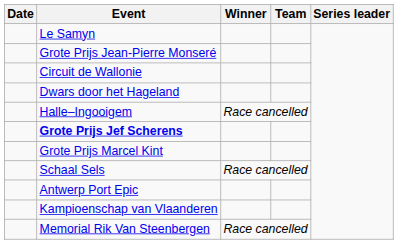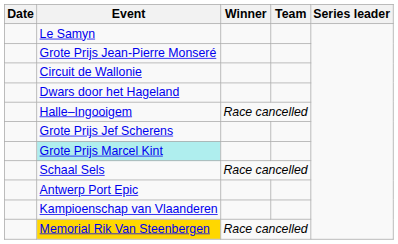 <table class="wikitable sortable">
 <tr>
 <th>Date</th>
 <th>Event</th>
 <th>Winner</th>
 <th>Team</th>
 <th class="unsortable">Series leader</th>
 </tr>
 <tr>
 <td></td>
 <td><a href='#'>Le Samyn</a></td>
 <td></td>
 <td></td>
 <td rowspan="11"></td>
 </tr>
 <tr>
 <td></td>
 <td><a href='#'>Grote Prijs Jean-Pierre Monseré</a></td>
 <td></td>
 <td></td>
 </tr>
 <tr>
 <td></td>
 <td><a href='#'>Circuit de Wallonie</a></td>
 <td></td>
 <td></td>
 </tr>
 <tr>
 <td></td>
 <td><a href='#'>Dwars door het Hageland</a></td>
 <td></td>
 <td></td>
 </tr>
 <tr>
 <td></td>
 <td><a href='#'>Halle–Ingooigem</a></td>
 <td align="center" colspan="2"><em>Race cancelled</em></td>
 </tr>
 <tr>
 <td></td>
-<td><strong><a href='#'>Grote Prijs Jef Scherens</a></strong></td>
+<td><a href='#'>Grote Prijs Jef Scherens</a></td>
 <td></td>
 <td></td>
 </tr>
 <tr>
 <td></td>
-<td><a href='#'>Grote Prijs Marcel Kint</a></td>
+<td style="background: paleturquoise;"><a href='#'>Grote Prijs Marcel Kint</a></td>
 <td></td>
 <td></td>
 </tr>
 <tr>
 <td></td>
 <td><a href='#'>Schaal Sels</a></td>
 <td align="center" colspan="2"><em>Race cancelled</em></td>
 </tr>
 <tr>
 <td></td>
 <td><a href='#'>Antwerp Port Epic</a></td>
 <td></td>
 <td></td>
 </tr>
 <tr>
 <td></td>
 <td><a href='#'>Kampioenschap van Vlaanderen</a></td>
 <td></td>
 <td></td>
 </tr>
 <tr>
 <td></td>
-<td><a href='#'>Memorial Rik Van Steenbergen</a></td>
+<td style="background: gold;"><a href='#'>Memorial Rik Van Steenbergen</a></td>
 <td align="center" colspan="2"><em>Race cancelled</em></td>
 </tr>
 </table>
